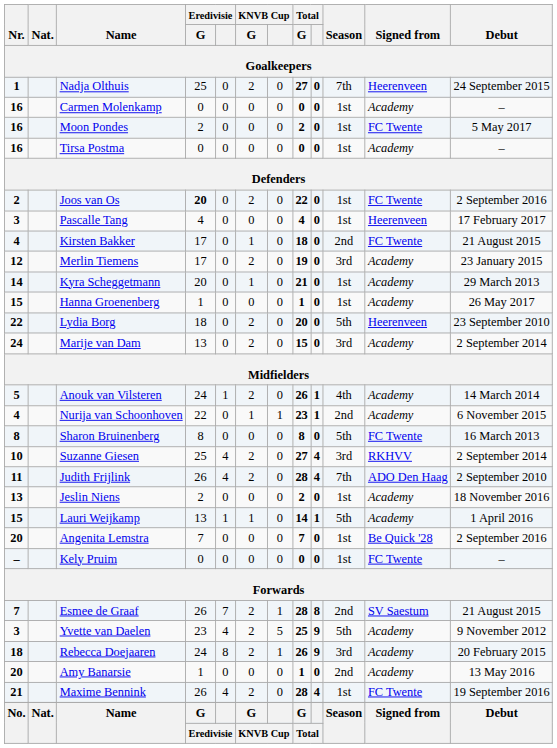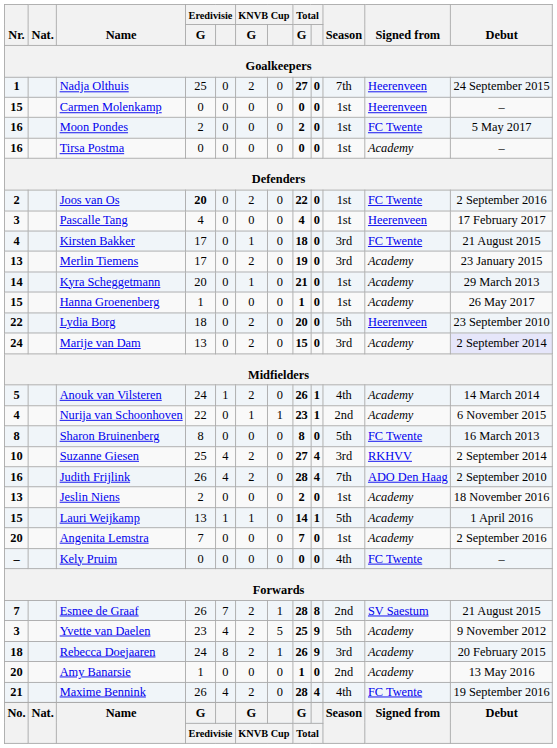 <table class="wikitable" style="font-size:85%; text-align: center;">
 <tr>
 <th rowspan="2" valign="bottom">Nr.</th>
 <th rowspan="2" valign="bottom">Nat.</th>
 <th rowspan="2" valign="bottom">Name</th>
 <th colspan="2"><small>Eredivisie</small></th>
 <th colspan="2"><small>KNVB Cup</small></th>
 <th colspan="2"><small>Total</small></th>
 <th rowspan="2" valign="bottom">Season</th>
 <th rowspan="2" valign="bottom">Signed from</th>
 <th rowspan="2" valign="bottom">Debut</th>
 </tr>
 <tr bgcolor="#D7E5EF">
 <th>G</th>
 <th></th>
 <th>G</th>
 <th></th>
 <th>G</th>
 <th></th>
 </tr>
 <tr>
 <th colspan="14" align="left" style="padding-top:15px;">Goalkeepers</th>
 </tr>
 <tr bgcolor="#F0F5F9">
 <td><strong>1</strong></td>
 <td></td>
 <td align=left><a href='#'>Nadja Olthuis</a></td>
 <td>25</td>
 <td>0</td>
 <td>2</td>
 <td>0</td>
 <td><strong>27</strong></td>
 <td><strong>0</strong></td>
 <td>7th</td>
 <td align="left"> <a href='#'>Heerenveen</a></td>
 <td>24 September 2015</td>
 </tr>
 <tr>
-<td><strong>16</strong></td>
+<td><strong>15</strong></td>
 <td></td>
 <td align=left><a href='#'>Carmen Molenkamp</a></td>
 <td>0</td>
 <td>0</td>
 <td>0</td>
 <td>0</td>
 <td><strong>0</strong></td>
 <td><strong>0</strong></td>
 <td>1st</td>
-<td align="left"><em>Academy</em></td>
+<td align="left"> <a href='#'>Heerenveen</a></td>
 <td>–</td>
 </tr>
 <tr bgcolor="#F0F5F9">
 <td><strong>16</strong></td>
 <td></td>
 <td align=left><a href='#'>Moon Pondes</a></td>
 <td>2</td>
 <td>0</td>
 <td>0</td>
 <td>0</td>
 <td><strong>2</strong></td>
 <td><strong>0</strong></td>
 <td>1st</td>
 <td align="left"> <a href='#'>FC Twente</a></td>
 <td>5 May 2017</td>
 </tr>
 <tr>
 <td><strong>16</strong></td>
 <td></td>
 <td align=left><a href='#'>Tirsa Postma</a></td>
 <td>0</td>
 <td>0</td>
 <td>0</td>
 <td>0</td>
 <td><strong>0</strong></td>
 <td><strong>0</strong></td>
 <td>1st</td>
 <td align="left"><em>Academy</em></td>
 <td>–</td>
 </tr>
 <tr>
 <th colspan="14" align="left" style="padding-top:15px;">Defenders</th>
 </tr>
 <tr bgcolor="#F0F5F9">
 <td><strong>2</strong></td>
 <td></td>
 <td align=left><a href='#'>Joos van Os</a></td>
 <td><strong>20</strong></td>
 <td>0</td>
 <td>2</td>
 <td>0</td>
 <td><strong>22</strong></td>
 <td><strong>0</strong></td>
 <td>1st</td>
 <td align="left"> <a href='#'>FC Twente</a></td>
 <td>2 September 2016</td>
 </tr>
 <tr>
 <td><strong>3</strong></td>
 <td></td>
 <td align=left><a href='#'>Pascalle Tang</a></td>
 <td>4</td>
 <td>0</td>
 <td>0</td>
 <td>0</td>
 <td><strong>4</strong></td>
 <td><strong>0</strong></td>
 <td>1st</td>
 <td align="left"> <a href='#'>Heerenveen</a></td>
 <td>17 February 2017</td>
 </tr>
 <tr bgcolor="#F0F5F9">
 <td><strong>4</strong></td>
 <td></td>
 <td align=left><a href='#'>Kirsten Bakker</a></td>
 <td>17</td>
 <td>0</td>
 <td>1</td>
 <td>0</td>
 <td><strong>18</strong></td>
 <td><strong>0</strong></td>
-<td>2nd</td>
+<td>3rd</td>
 <td align="left"> <a href='#'>FC Twente</a></td>
 <td>21 August 2015</td>
 </tr>
 <tr>
-<td><strong>12</strong></td>
+<td><strong>13</strong></td>
 <td></td>
 <td align=left><a href='#'>Merlin Tiemens</a></td>
 <td>17</td>
 <td>0</td>
 <td>2</td>
 <td>0</td>
 <td><strong>19</strong></td>
 <td><strong>0</strong></td>
 <td>3rd</td>
 <td align="left"><em>Academy</em></td>
 <td>23 January 2015</td>
 </tr>
 <tr bgcolor="#F0F5F9">
 <td><strong>14</strong></td>
 <td></td>
 <td align=left><a href='#'>Kyra Scheggetmann</a></td>
 <td>20</td>
 <td>0</td>
 <td>1</td>
 <td>0</td>
 <td><strong>21</strong></td>
 <td><strong>0</strong></td>
 <td>1st</td>
 <td align="left"><em>Academy</em></td>
 <td>29 March 2013</td>
 </tr>
 <tr>
 <td><strong>15</strong></td>
 <td></td>
 <td align=left><a href='#'>Hanna Groenenberg</a></td>
 <td>1</td>
 <td>0</td>
 <td>0</td>
 <td>0</td>
 <td><strong>1</strong></td>
 <td><strong>0</strong></td>
 <td>1st</td>
 <td align="left"><em>Academy</em></td>
 <td>26 May 2017</td>
 </tr>
 <tr bgcolor="#F0F5F9">
 <td><strong>22</strong></td>
 <td></td>
 <td align=left><a href='#'>Lydia Borg</a></td>
 <td>18</td>
 <td>0</td>
 <td>2</td>
 <td>0</td>
 <td><strong>20</strong></td>
 <td><strong>0</strong></td>
 <td>5th</td>
 <td align="left"> <a href='#'>Heerenveen</a></td>
 <td>23 September 2010</td>
 </tr>
 <tr>
 <td><strong>24</strong></td>
 <td></td>
 <td align=left><a href='#'>Marije van Dam</a></td>
 <td>13</td>
 <td>0</td>
 <td>2</td>
 <td>0</td>
 <td><strong>15</strong></td>
 <td><strong>0</strong></td>
 <td>3rd</td>
 <td align="left"><em>Academy</em></td>
-<td>2 September 2014</td>
+<td style="background: lavender;">2 September 2014</td>
 </tr>
 <tr>
 <th colspan="14" align="left" style="padding-top:15px;">Midfielders</th>
 </tr>
 <tr bgcolor="#F0F5F9">
 <td><strong>5</strong></td>
 <td></td>
 <td align=left><a href='#'>Anouk van Vilsteren</a></td>
 <td>24</td>
 <td>1</td>
 <td>2</td>
 <td>0</td>
 <td><strong>26</strong></td>
 <td><strong>1</strong></td>
 <td>4th</td>
 <td align="left"><em>Academy</em></td>
 <td>14 March 2014</td>
 </tr>
 <tr>
 <td><strong>4</strong></td>
 <td></td>
 <td align=left><a href='#'>Nurija van Schoonhoven</a></td>
 <td>22</td>
 <td>0</td>
 <td>1</td>
 <td>1</td>
 <td><strong>23</strong></td>
 <td><strong>1</strong></td>
 <td>2nd</td>
 <td align="left"><em>Academy</em></td>
 <td>6 November 2015</td>
 </tr>
 <tr bgcolor="#F0F5F9">
 <td><strong>8</strong></td>
 <td></td>
 <td align=left><a href='#'>Sharon Bruinenberg</a></td>
 <td>8</td>
 <td>0</td>
 <td>0</td>
 <td>0</td>
 <td><strong>8</strong></td>
 <td><strong>0</strong></td>
 <td>5th</td>
 <td align="left"> <a href='#'>FC Twente</a></td>
 <td>16 March 2013</td>
 </tr>
 <tr>
 <td><strong>10</strong></td>
 <td></td>
 <td align=left><a href='#'>Suzanne Giesen</a></td>
 <td>25</td>
 <td>4</td>
 <td>2</td>
 <td>0</td>
 <td><strong>27</strong></td>
 <td><strong>4</strong></td>
 <td>3rd</td>
 <td align="left"> <a href='#'>RKHVV</a></td>
 <td>2 September 2014</td>
 </tr>
 <tr bgcolor="#F0F5F9">
-<td><strong>11</strong></td>
+<td><strong>16</strong></td>
 <td></td>
 <td align=left><a href='#'>Judith Frijlink</a></td>
 <td>26</td>
 <td>4</td>
 <td>2</td>
 <td>0</td>
 <td><strong>28</strong></td>
 <td><strong>4</strong></td>
 <td>7th</td>
 <td align="left"> <a href='#'>ADO Den Haag</a></td>
 <td>2 September 2010</td>
 </tr>
 <tr>
 <td><strong>13</strong></td>
 <td></td>
 <td align=left><a href='#'>Jeslin Niens</a></td>
 <td>2</td>
 <td>0</td>
 <td>0</td>
 <td>0</td>
 <td><strong>2</strong></td>
 <td><strong>0</strong></td>
 <td>1st</td>
 <td align="left"><em>Academy</em></td>
 <td>18 November 2016</td>
 </tr>
 <tr bgcolor="#F0F5F9">
 <td><strong>15</strong></td>
 <td></td>
 <td align=left><a href='#'>Lauri Weijkamp</a></td>
 <td>13</td>
 <td>1</td>
 <td>1</td>
 <td>0</td>
 <td><strong>14</strong></td>
 <td><strong>1</strong></td>
 <td>5th</td>
 <td align="left"><em>Academy</em></td>
 <td>1 April 2016</td>
 </tr>
 <tr>
 <td><strong>20</strong></td>
 <td></td>
 <td align=left><a href='#'>Angenita Lemstra</a></td>
 <td>7</td>
 <td>0</td>
 <td>0</td>
 <td>0</td>
 <td><strong>7</strong></td>
 <td><strong>0</strong></td>
 <td>1st</td>
-<td align="left"> <a href='#'>Be Quick '28</a></td>
+<td align="left"><em>Academy</em></td>
 <td>2 September 2016</td>
 </tr>
 <tr bgcolor="#F0F5F9">
 <td><strong>–</strong></td>
 <td></td>
 <td align=left><a href='#'>Kely Pruim</a></td>
 <td>0</td>
 <td>0</td>
 <td>0</td>
 <td>0</td>
 <td><strong>0</strong></td>
 <td><strong>0</strong></td>
-<td>1st</td>
+<td>4th</td>
 <td align="left"> <a href='#'>FC Twente</a></td>
 <td>–</td>
 </tr>
 <tr>
 <th colspan="14" align="left" style="padding-top:15px;">Forwards</th>
 </tr>
 <tr bgcolor="#F0F5F9">
 <td><strong>7</strong></td>
 <td></td>
 <td align=left><a href='#'>Esmee de Graaf</a></td>
 <td>26</td>
 <td>7</td>
 <td>2</td>
 <td>1</td>
 <td><strong>28</strong></td>
 <td><strong>8</strong></td>
 <td>2nd</td>
 <td align="left"> <a href='#'>SV Saestum</a></td>
 <td>21 August 2015</td>
 </tr>
 <tr>
 <td><strong>3</strong></td>
 <td></td>
 <td align=left><a href='#'>Yvette van Daelen</a></td>
 <td>23</td>
 <td>4</td>
 <td>2</td>
 <td>5</td>
 <td><strong>25</strong></td>
 <td><strong>9</strong></td>
 <td>5th</td>
 <td align="left"><em>Academy</em></td>
 <td>9 November 2012</td>
 </tr>
 <tr bgcolor="#F0F5F9">
 <td><strong>18</strong></td>
 <td></td>
 <td align=left><a href='#'>Rebecca Doejaaren</a></td>
 <td>24</td>
 <td>8</td>
 <td>2</td>
 <td>1</td>
 <td><strong>26</strong></td>
 <td><strong>9</strong></td>
 <td>3rd</td>
 <td align="left"><em>Academy</em></td>
 <td>20 February 2015</td>
 </tr>
 <tr>
 <td><strong>20</strong></td>
 <td></td>
 <td align=left><a href='#'>Amy Banarsie</a></td>
 <td>1</td>
 <td>0</td>
 <td>0</td>
 <td>0</td>
 <td><strong>1</strong></td>
 <td><strong>0</strong></td>
 <td>2nd</td>
 <td align="left"><em>Academy</em></td>
 <td>13 May 2016</td>
 </tr>
 <tr bgcolor="#F0F5F9">
 <td><strong>21</strong></td>
 <td></td>
 <td align=left><a href='#'>Maxime Bennink</a></td>
 <td>26</td>
 <td>4</td>
 <td>2</td>
 <td>0</td>
 <td><strong>28</strong></td>
 <td><strong>4</strong></td>
-<td>1st</td>
+<td>4th</td>
 <td align="left"> <a href='#'>FC Twente</a></td>
 <td>19 September 2016</td>
 </tr>
 <tr bgcolor="#F0F5F9">
 </tr>
 <tr bgcolor="#D7E5EF">
 <th rowspan="2" valign="top">No.</th>
 <th rowspan="2" valign="top">Nat.</th>
 <th rowspan="2" valign="top">Name</th>
 <th>G</th>
 <th></th>
 <th>G</th>
 <th></th>
 <th>G</th>
 <th></th>
 <th rowspan="2" valign="top">Season</th>
 <th rowspan="2" valign="top">Signed from</th>
 <th rowspan="2" valign="top">Debut</th>
 </tr>
 <tr bgcolor="#D7E5EF">
 <th colspan="2"><small>Eredivisie</small></th>
 <th colspan="2"><small>KNVB Cup</small></th>
 <th colspan="2"><small>Total</small></th>
 </tr>
 </table>
